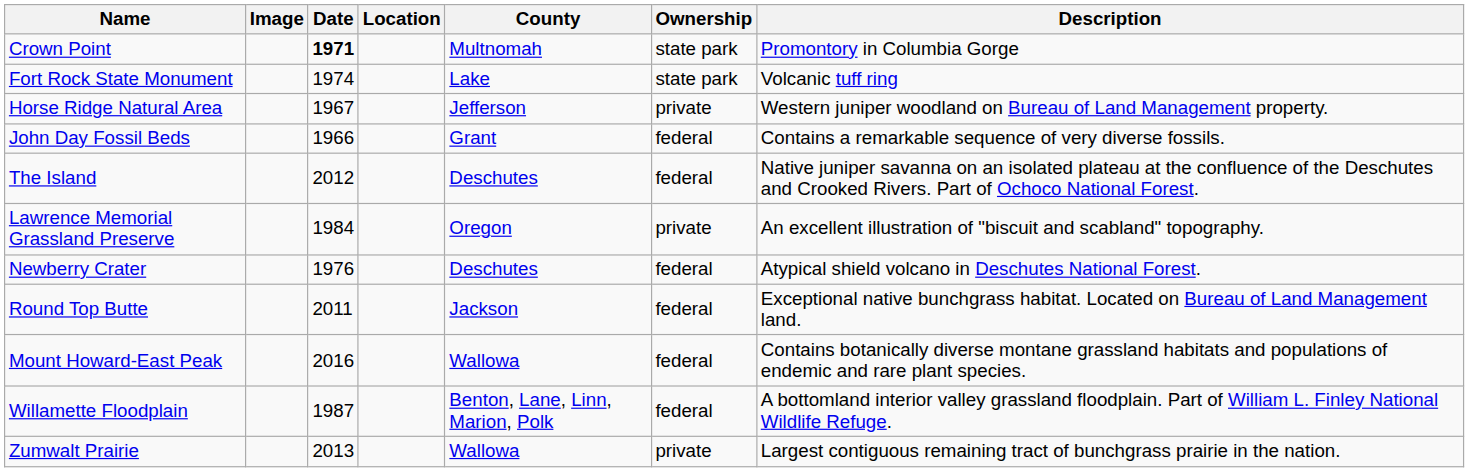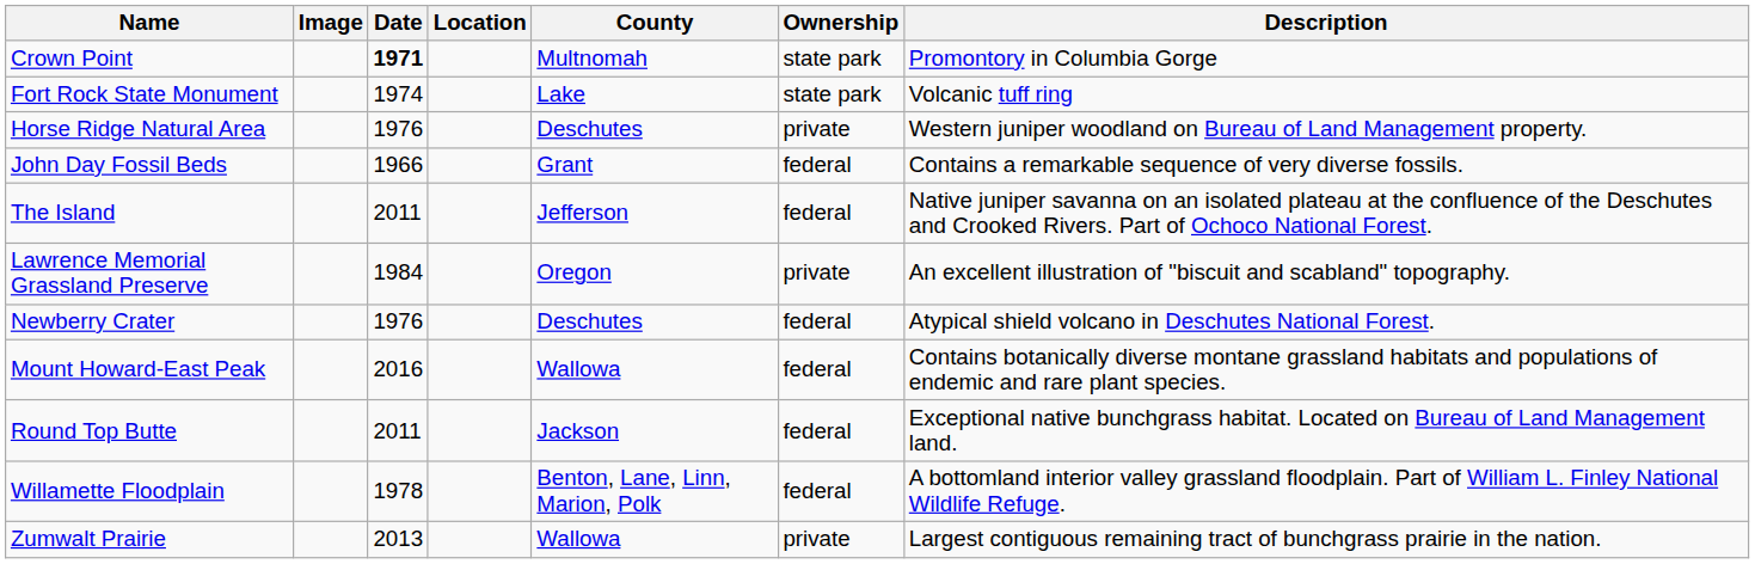 <table class="wikitable sortable" align="center">
 <tr>
 <th style="background-color:">Name</th>
 <th style="background-color:">Image</th>
 <th style="background-color:">Date</th>
 <th style="background-color:">Location</th>
 <th style="background-color:">County</th>
 <th style="background-color:">Ownership</th>
 <th style="background-color:">Description</th>
 </tr>
 <tr>
 <td><a href='#'>Crown Point</a></td>
 <td></td>
 <td><strong>1971</strong></td>
 <td></td>
 <td><a href='#'>Multnomah</a></td>
 <td>state park</td>
 <td><a href='#'>Promontory</a> in Columbia Gorge</td>
 </tr>
 <tr>
 <td><a href='#'>Fort Rock State Monument</a></td>
 <td></td>
 <td>1974</td>
 <td></td>
 <td><a href='#'>Lake</a></td>
 <td>state park</td>
 <td>Volcanic <a href='#'>tuff ring</a></td>
 </tr>
 <tr>
 <td><a href='#'>Horse Ridge Natural Area</a></td>
 <td></td>
-<td>1967</td>
+<td>1976</td>
 <td></td>
-<td><a href='#'>Jefferson</a></td>
+<td><a href='#'>Deschutes</a></td>
 <td>private</td>
 <td>Western juniper woodland on <a href='#'>Bureau of Land Management</a> property.</td>
 </tr>
 <tr>
 <td><a href='#'>John Day Fossil Beds</a></td>
 <td></td>
 <td>1966</td>
 <td></td>
 <td><a href='#'>Grant</a></td>
 <td>federal</td>
 <td>Contains a remarkable sequence of very diverse fossils.</td>
 </tr>
 <tr>
 <td><a href='#'>The Island</a></td>
 <td></td>
-<td>2012</td>
+<td>2011</td>
 <td></td>
-<td><a href='#'>Deschutes</a></td>
+<td><a href='#'>Jefferson</a></td>
 <td>federal</td>
 <td>Native juniper savanna on an isolated plateau at the confluence of the Deschutes and Crooked Rivers. Part of <a href='#'>Ochoco National Forest</a>.</td>
 </tr>
 <tr>
 <td><a href='#'>Lawrence Memorial Grassland Preserve</a></td>
 <td></td>
 <td>1984</td>
 <td></td>
 <td><a href='#'>Oregon</a></td>
 <td>private</td>
 <td>An excellent illustration of "biscuit and scabland" topography.</td>
 </tr>
 <tr>
 <td><a href='#'>Newberry Crater</a></td>
 <td></td>
 <td>1976</td>
 <td></td>
 <td><a href='#'>Deschutes</a></td>
 <td>federal</td>
 <td>Atypical shield volcano in <a href='#'>Deschutes National Forest</a>.</td>
 </tr>
 <tr>
+<td><a href='#'>Mount Howard-East Peak</a></td>
+<td></td>
+<td>2016</td>
+<td></td>
+<td><a href='#'>Wallowa</a></td>
+<td>federal</td>
+<td>Contains botanically diverse montane grassland habitats and populations of endemic and rare plant species.</td>
+</tr>
+<tr>
 <td><a href='#'>Round Top Butte</a></td>
 <td></td>
 <td>2011</td>
 <td></td>
 <td><a href='#'>Jackson</a></td>
 <td>federal</td>
 <td>Exceptional native bunchgrass habitat. Located on <a href='#'>Bureau of Land Management</a> land.</td>
 </tr>
 <tr>
-<td><a href='#'>Mount Howard-East Peak</a></td>
-<td></td>
-<td>2016</td>
-<td></td>
-<td><a href='#'>Wallowa</a></td>
-<td>federal</td>
-<td>Contains botanically diverse montane grassland habitats and populations of endemic and rare plant species.</td>
-</tr>
-<tr>
 <td><a href='#'>Willamette Floodplain</a></td>
 <td></td>
-<td>1987</td>
+<td>1978</td>
 <td></td>
 <td><a href='#'>Benton</a>, <a href='#'>Lane</a>, <a href='#'>Linn</a>, <a href='#'>Marion</a>, <a href='#'>Polk</a></td>
 <td>federal</td>
 <td>A bottomland interior valley grassland floodplain. Part of <a href='#'>William L. Finley National Wildlife Refuge</a>.</td>
 </tr>
 <tr>
 <td><a href='#'>Zumwalt Prairie</a></td>
 <td></td>
 <td>2013</td>
 <td></td>
 <td><a href='#'>Wallowa</a></td>
 <td>private</td>
 <td>Largest contiguous remaining tract of bunchgrass prairie in the nation.</td>
 </tr>
 </table>
